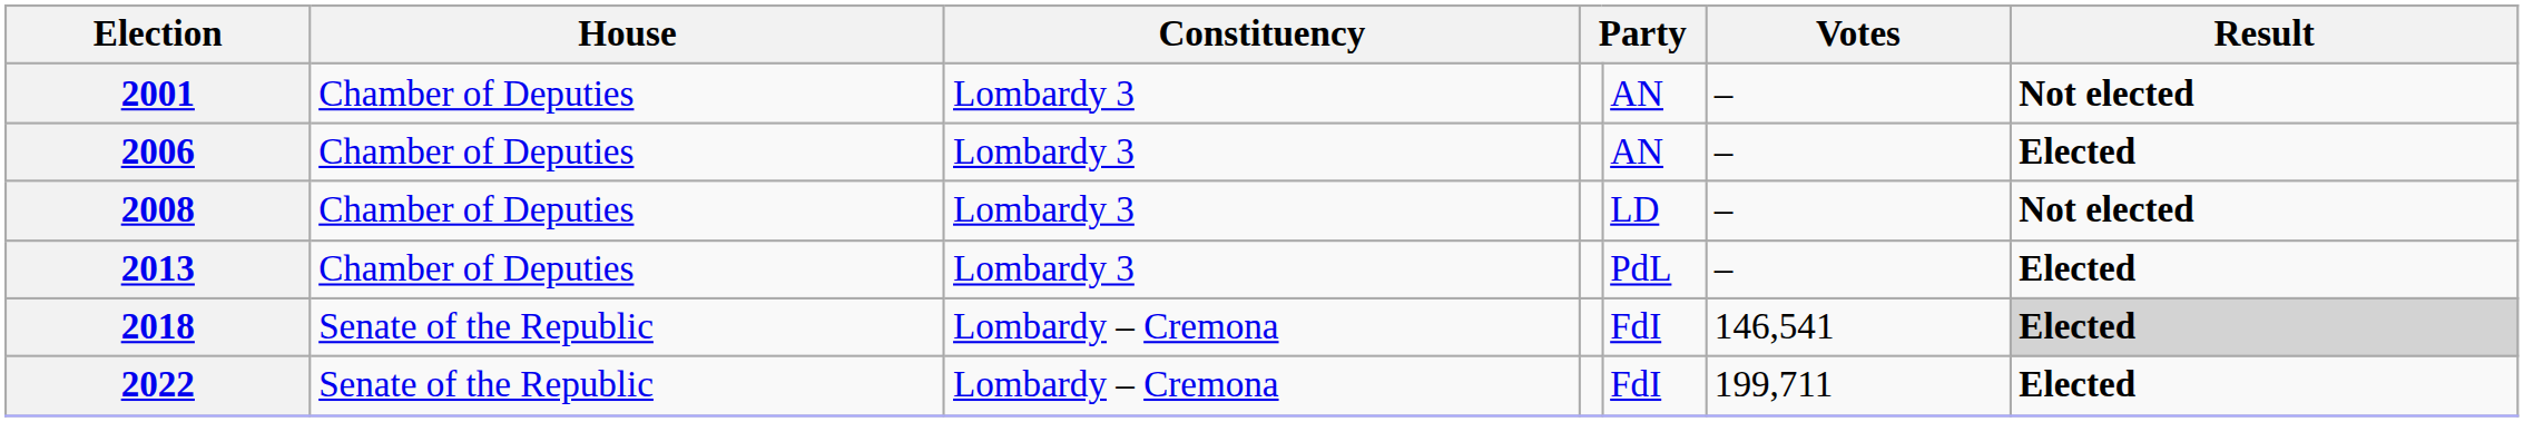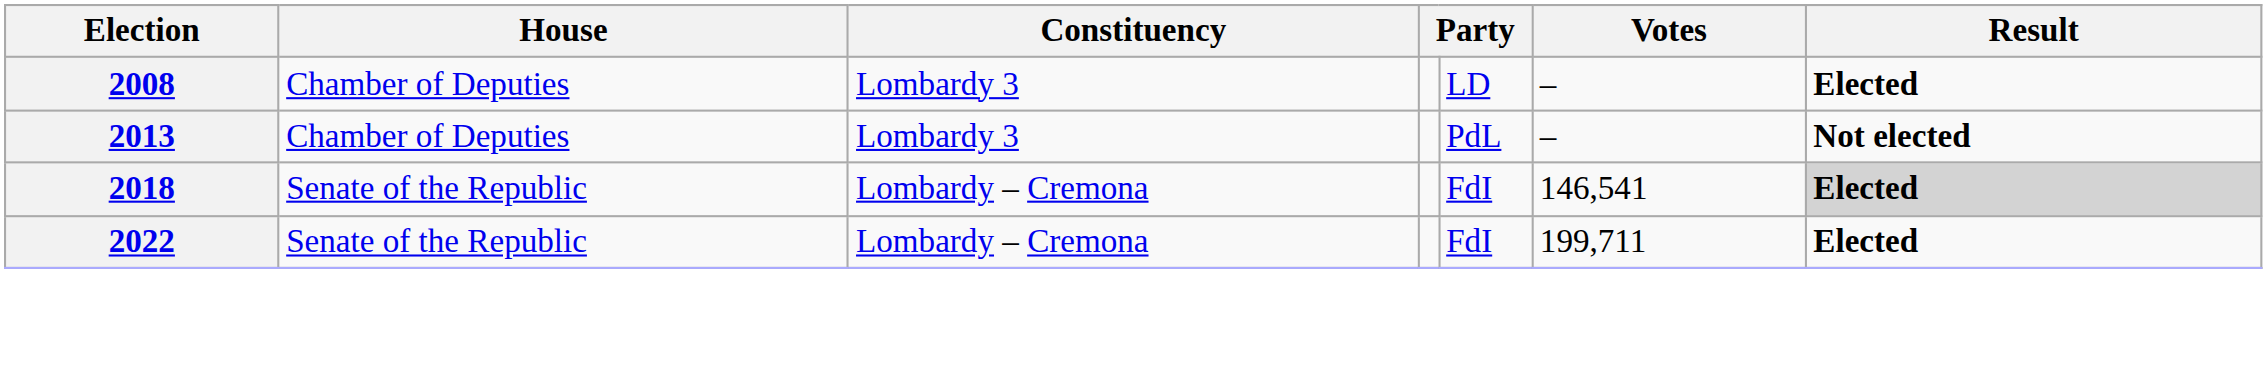 <table class=wikitable style="width:55%; border:1px #AAAAFF solid">
 <tr>
 <th width=12%>Election</th>
 <th width=25%>House</th>
 <th width=25%>Constituency</th>
 <th width=5% colspan="2">Party</th>
 <th width=12%>Votes</th>
 <th width=20%>Result</th>
 </tr>
 <tr>
-<th><a href='#'>2001</a></th>
-<td><a href='#'>Chamber of Deputies</a></td>
-<td><a href='#'>Lombardy 3</a></td>
-<td></td>
-<td><a href='#'>AN</a></td>
-<td>–</td>
-<td> <strong>Not elected</strong></td>
-</tr>
-<tr>
-<th><a href='#'>2006</a></th>
-<td><a href='#'>Chamber of Deputies</a></td>
-<td><a href='#'>Lombardy 3</a></td>
-<td></td>
-<td><a href='#'>AN</a></td>
-<td>–</td>
-<td> <strong>Elected</strong></td>
-</tr>
-<tr>
 <th><a href='#'>2008</a></th>
 <td><a href='#'>Chamber of Deputies</a></td>
 <td><a href='#'>Lombardy 3</a></td>
 <td></td>
 <td><a href='#'>LD</a></td>
 <td>–</td>
-<td> <strong>Not elected</strong></td>
+<td> <strong>Elected</strong></td>
 </tr>
 <tr>
 <th><a href='#'>2013</a></th>
 <td><a href='#'>Chamber of Deputies</a></td>
 <td><a href='#'>Lombardy 3</a></td>
 <td></td>
 <td><a href='#'>PdL</a></td>
 <td>–</td>
-<td> <strong>Elected</strong></td>
+<td> <strong>Not elected</strong></td>
 </tr>
 <tr>
 <th><a href='#'>2018</a></th>
 <td><a href='#'>Senate of the Republic</a></td>
 <td><a href='#'>Lombardy</a> – <a href='#'>Cremona</a></td>
 <td></td>
 <td><a href='#'>FdI</a></td>
 <td>146,541</td>
 <td style="background: lightgrey;"> <strong>Elected</strong></td>
 </tr>
 <tr>
 <th><a href='#'>2022</a></th>
 <td><a href='#'>Senate of the Republic</a></td>
 <td><a href='#'>Lombardy</a> – <a href='#'>Cremona</a></td>
 <td></td>
 <td><a href='#'>FdI</a></td>
 <td>199,711</td>
 <td> <strong>Elected</strong></td>
 </tr>
 <tr>
 </tr>
 </table>
